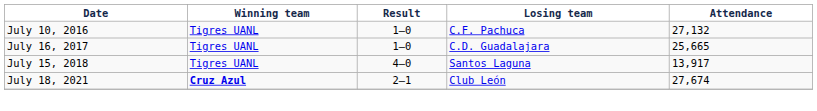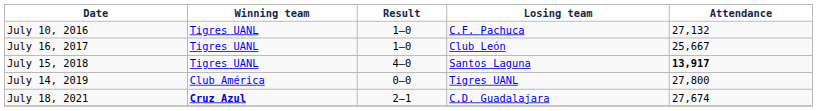 <table class="wikitable" style="text-align:left; width:80%;" style="text-align:center">
 <tr>
 <th style="text-align:center; background:#FFFFFF; color:#15284B; ">Date</th>
 <th style="text-align:center; background:#FFFFFF; color:#15284B; ">Winning team</th>
 <th style="text-align:center; background:#FFFFFF; color:#15284B; ">Result</th>
 <th style="text-align:center; background:#FFFFFF; color:#15284B; ">Losing team</th>
 <th style="text-align:center; background:#FFFFFF; color:#15284B; ">Attendance</th>
 </tr>
 <tr>
 <td>July 10, 2016</td>
 <td> <a href='#'>Tigres UANL</a></td>
 <td align=center>1–0</td>
 <td> <a href='#'>C.F. Pachuca</a></td>
 <td>27,132</td>
 </tr>
 <tr>
 <td>July 16, 2017</td>
 <td> <a href='#'>Tigres UANL</a></td>
 <td align=center>1–0</td>
-<td> <a href='#'>C.D. Guadalajara</a></td>
-<td>25,665</td>
+<td> <a href='#'>Club León</a></td>
+<td>25,667</td>
 </tr>
 <tr>
 <td>July 15, 2018</td>
 <td> <a href='#'>Tigres UANL</a></td>
 <td align=center>4–0</td>
 <td> <a href='#'>Santos Laguna</a></td>
-<td>13,917</td>
+<td><strong>13,917</strong></td>
+</tr>
+<tr>
+<td>July 14, 2019</td>
+<td> <a href='#'>Club América</a></td>
+<td align=center>0–0</td>
+<td> <a href='#'>Tigres UANL</a></td>
+<td>27,800</td>
 </tr>
 <tr>
 <td>July 18, 2021</td>
 <td><strong> <a href='#'>Cruz Azul</a></strong></td>
 <td align=center>2–1</td>
-<td> <a href='#'>Club León</a></td>
+<td> <a href='#'>C.D. Guadalajara</a></td>
 <td>27,674</td>
 </tr>
 <tr>
 </tr>
 </table>
